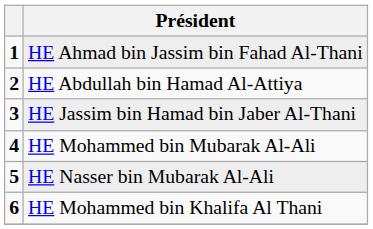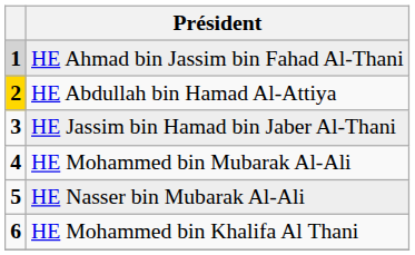 <table class="wikitable" style="float:left; margin-right:1em;">
 <tr>
 <th style="background:EEEEEE"></th>
 <th style="background:EEEEEE">Président</th>
 </tr>
 <tr>
-<td><strong>1</strong></td>
+<td style="background: lightgrey;"><strong>1</strong></td>
 <td style="background:#eee"> <a href='#'>HE</a> Ahmad bin Jassim bin Fahad Al-Thani</td>
 </tr>
 <tr>
-<td><strong>2</strong></td>
+<td style="background: gold;"><strong>2</strong></td>
 <td> <a href='#'>HE</a> Abdullah bin Hamad Al-Attiya</td>
 </tr>
 <tr>
 <td><strong>3</strong></td>
 <td style="background:#eee"> <a href='#'>HE</a> Jassim bin Hamad bin Jaber Al-Thani</td>
 </tr>
 <tr>
 <td><strong>4</strong></td>
 <td> <a href='#'>HE</a> Mohammed bin Mubarak Al-Ali</td>
 </tr>
 <tr>
 <td><strong>5</strong></td>
 <td style="background:#eee"> <a href='#'>HE</a> Nasser bin Mubarak Al-Ali</td>
 </tr>
 <tr>
 <td><strong>6</strong></td>
 <td> <a href='#'>HE</a> Mohammed bin Khalifa Al Thani</td>
 </tr>
 <tr>
 </tr>
 </table>
